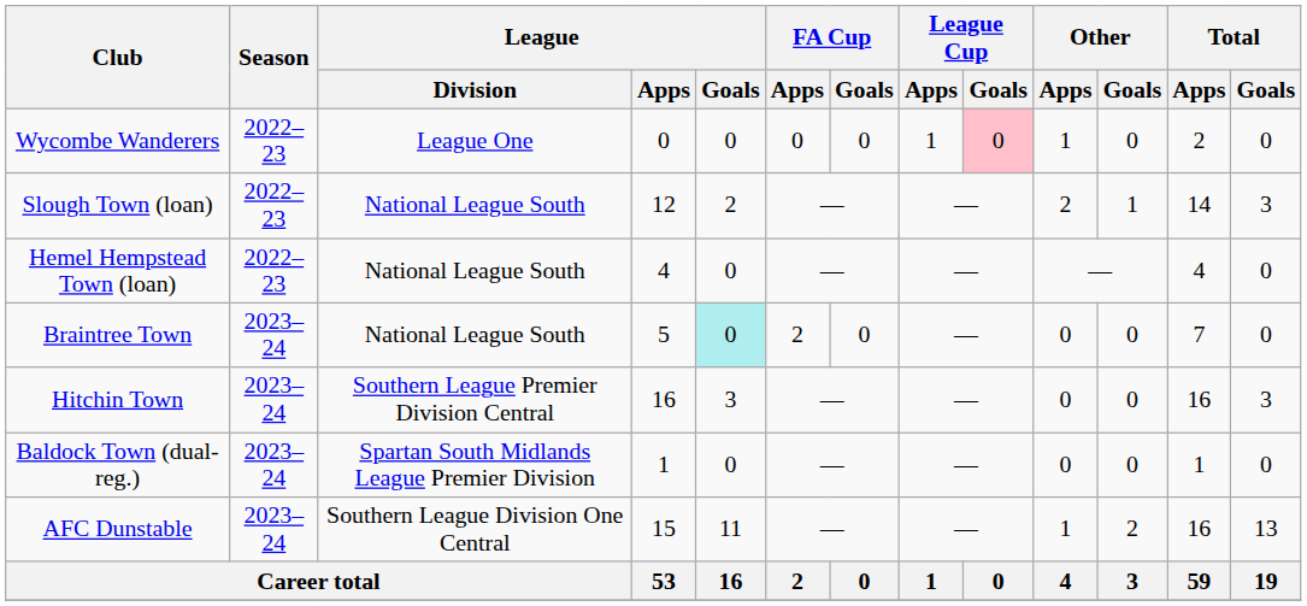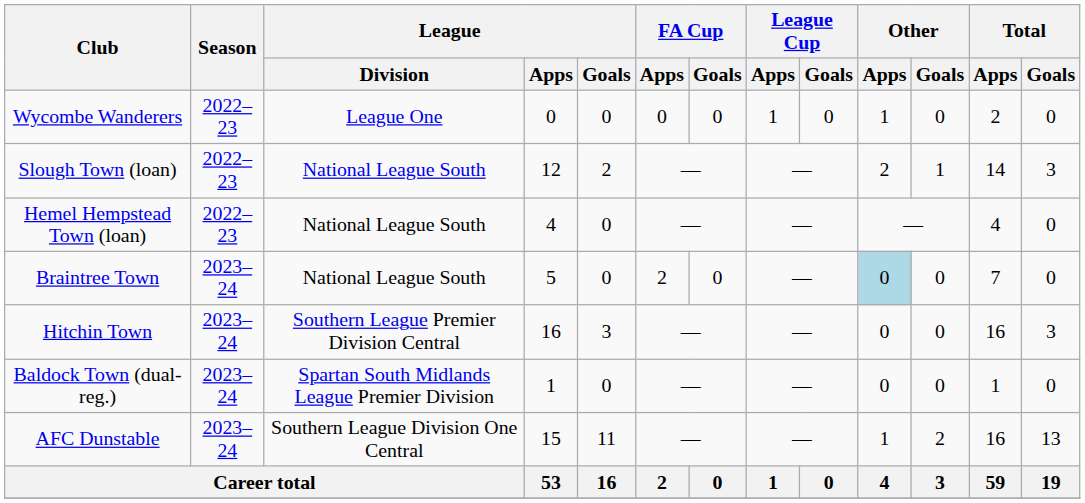 <table class="wikitable" style="text-align:center">
 <tr>
 <th rowspan="2">Club</th>
 <th rowspan="2">Season</th>
 <th colspan="3">League</th>
 <th colspan="2"><a href='#'>FA Cup</a></th>
 <th colspan="2"><a href='#'>League Cup</a></th>
 <th colspan="2">Other</th>
 <th colspan="2">Total</th>
 </tr>
 <tr>
 <th>Division</th>
 <th>Apps</th>
 <th>Goals</th>
 <th>Apps</th>
 <th>Goals</th>
 <th>Apps</th>
 <th>Goals</th>
 <th>Apps</th>
 <th>Goals</th>
 <th>Apps</th>
 <th>Goals</th>
 </tr>
 <tr>
 <td><a href='#'>Wycombe Wanderers</a></td>
 <td><a href='#'>2022–23</a></td>
 <td><a href='#'>League One</a></td>
 <td>0</td>
 <td>0</td>
 <td>0</td>
 <td>0</td>
 <td>1</td>
-<td style="background: pink;">0</td>
+<td>0</td>
 <td>1</td>
 <td>0</td>
 <td>2</td>
 <td>0</td>
 </tr>
 <tr>
 <td><a href='#'>Slough Town</a> (loan)</td>
 <td><a href='#'>2022–23</a></td>
 <td><a href='#'>National League South</a></td>
 <td>12</td>
 <td>2</td>
 <td colspan="2">—</td>
 <td colspan="2">—</td>
 <td>2</td>
 <td>1</td>
 <td>14</td>
 <td>3</td>
 </tr>
 <tr>
 <td><a href='#'>Hemel Hempstead Town</a> (loan)</td>
 <td><a href='#'>2022–23</a></td>
 <td>National League South</td>
 <td>4</td>
 <td>0</td>
 <td colspan="2">—</td>
 <td colspan="2">—</td>
 <td colspan="2">—</td>
 <td>4</td>
 <td>0</td>
 </tr>
 <tr>
 <td><a href='#'>Braintree Town</a></td>
 <td><a href='#'>2023–24</a></td>
 <td>National League South</td>
 <td>5</td>
-<td style="background: paleturquoise;">0</td>
+<td>0</td>
 <td>2</td>
 <td>0</td>
 <td colspan="2">—</td>
-<td>0</td>
+<td style="background: lightblue;">0</td>
 <td>0</td>
 <td>7</td>
 <td>0</td>
 </tr>
 <tr>
 <td><a href='#'>Hitchin Town</a></td>
 <td><a href='#'>2023–24</a></td>
 <td><a href='#'>Southern League</a> Premier Division Central</td>
 <td>16</td>
 <td>3</td>
 <td colspan="2">—</td>
 <td colspan="2">—</td>
 <td>0</td>
 <td>0</td>
 <td>16</td>
 <td>3</td>
 </tr>
 <tr>
 <td><a href='#'>Baldock Town</a> (dual-reg.)</td>
 <td><a href='#'>2023–24</a></td>
 <td><a href='#'>Spartan South Midlands League</a> Premier Division</td>
 <td>1</td>
 <td>0</td>
 <td colspan="2">—</td>
 <td colspan="2">—</td>
 <td>0</td>
 <td>0</td>
 <td>1</td>
 <td>0</td>
 </tr>
 <tr>
 <td><a href='#'>AFC Dunstable</a></td>
 <td><a href='#'>2023–24</a></td>
 <td>Southern League Division One Central</td>
 <td>15</td>
 <td>11</td>
 <td colspan="2">—</td>
 <td colspan="2">—</td>
 <td>1</td>
 <td>2</td>
 <td>16</td>
 <td>13</td>
 </tr>
 <tr>
 <th colspan="3">Career total</th>
 <th>53</th>
 <th>16</th>
 <th>2</th>
 <th>0</th>
 <th>1</th>
 <th>0</th>
 <th>4</th>
 <th>3</th>
 <th>59</th>
 <th>19</th>
 </tr>
 <tr>
 </tr>
 </table>
